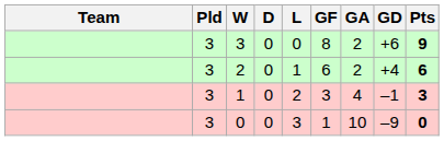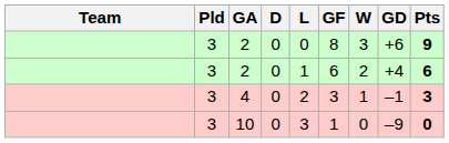 <table class="wikitable" style="text-align: center;">
 <tr>
 <th width=175>Team</th>
 <th width=20 abbr="Played">Pld</th>
-<th width=20 abbr="Won">W</th>
+<th width=20 abbr="Goals against">GA</th>
 <th width=20 abbr="Drawn">D</th>
 <th width=20 abbr="Lost">L</th>
 <th width=20 abbr="Goals for">GF</th>
-<th width=20 abbr="Goals against">GA</th>
+<th width=20 abbr="Won">W</th>
 <th width=20 abbr="Goal difference">GD</th>
 <th width=20 abbr="Points">Pts</th>
 </tr>
 <tr bgcolor=#ccffcc>
 <td align=left></td>
 <td>3</td>
-<td>3</td>
+<td>2</td>
 <td>0</td>
 <td>0</td>
 <td>8</td>
-<td>2</td>
+<td>3</td>
 <td>+6</td>
 <td><strong>9</strong></td>
 </tr>
 <tr bgcolor=#ccffcc>
 <td align=left></td>
 <td>3</td>
 <td>2</td>
 <td>0</td>
 <td>1</td>
 <td>6</td>
 <td>2</td>
 <td>+4</td>
 <td><strong>6</strong></td>
 </tr>
 <tr bgcolor="#ffcccc">
 <td align=left></td>
 <td>3</td>
-<td>1</td>
+<td>4</td>
 <td>0</td>
 <td>2</td>
 <td>3</td>
-<td>4</td>
+<td>1</td>
 <td>–1</td>
 <td><strong>3</strong></td>
 </tr>
 <tr bgcolor="#ffcccc">
 <td align=left></td>
 <td>3</td>
-<td>0</td>
+<td>10</td>
 <td>0</td>
 <td>3</td>
 <td>1</td>
-<td>10</td>
+<td>0</td>
 <td>–9</td>
 <td><strong>0</strong></td>
 </tr>
 </table>
